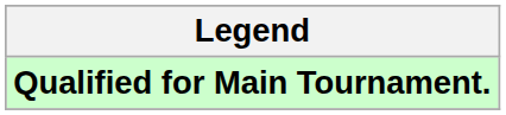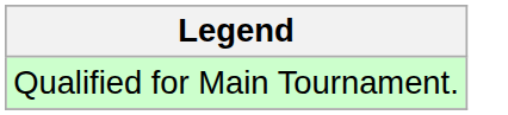 <table class="wikitable">
 <tr>
 <th>Legend</th>
 </tr>
 <tr bgcolor=ccffcc>
-<td><strong>Qualified for Main Tournament.</strong></td>
+<td>Qualified for Main Tournament.</td>
 </tr>
 </table>
